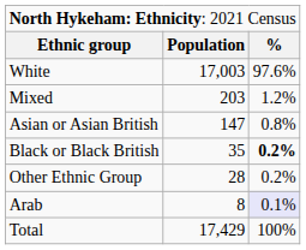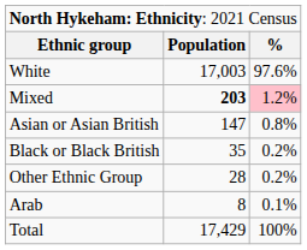 <table class="wikitable">
 <tr>
 <td colspan="14" style="text-align:right;"><strong>North Hykeham: Ethnicity</strong>: 2021 Census</td>
 </tr>
 <tr>
 <th>Ethnic group</th>
 <th>Population</th>
 <th>%</th>
 </tr>
 <tr>
 <td>White</td>
 <td style="text-align:right;">17,003</td>
 <td style="text-align:right;">97.6%</td>
 </tr>
 <tr>
 <td>Mixed</td>
-<td style="text-align:right;">203</td>
-<td style="text-align:right;">1.2%</td>
+<td style="text-align:right;"><strong>203</strong></td>
+<td style="background: pink; text-align:right;">1.2%</td>
 </tr>
 <tr>
 <td>Asian or Asian British</td>
 <td style="text-align:right;">147</td>
 <td style="text-align:right;">0.8%</td>
 </tr>
 <tr>
 <td>Black or Black British</td>
 <td style="text-align:right;">35</td>
-<td style="text-align:right;"><strong>0.2%</strong></td>
+<td style="text-align:right;">0.2%</td>
 </tr>
 <tr>
 <td>Other Ethnic Group</td>
 <td style="text-align:right;">28</td>
 <td style="text-align:right;">0.2%</td>
 </tr>
 <tr>
 <td>Arab</td>
 <td style="text-align:right;">8</td>
-<td style="background: lavender; text-align:right;">0.1%</td>
+<td style="text-align:right;">0.1%</td>
 </tr>
 <tr>
 <td>Total</td>
 <td style="text-align:right;">17,429</td>
 <td style="text-align:right;">100%</td>
 </tr>
 </table>
